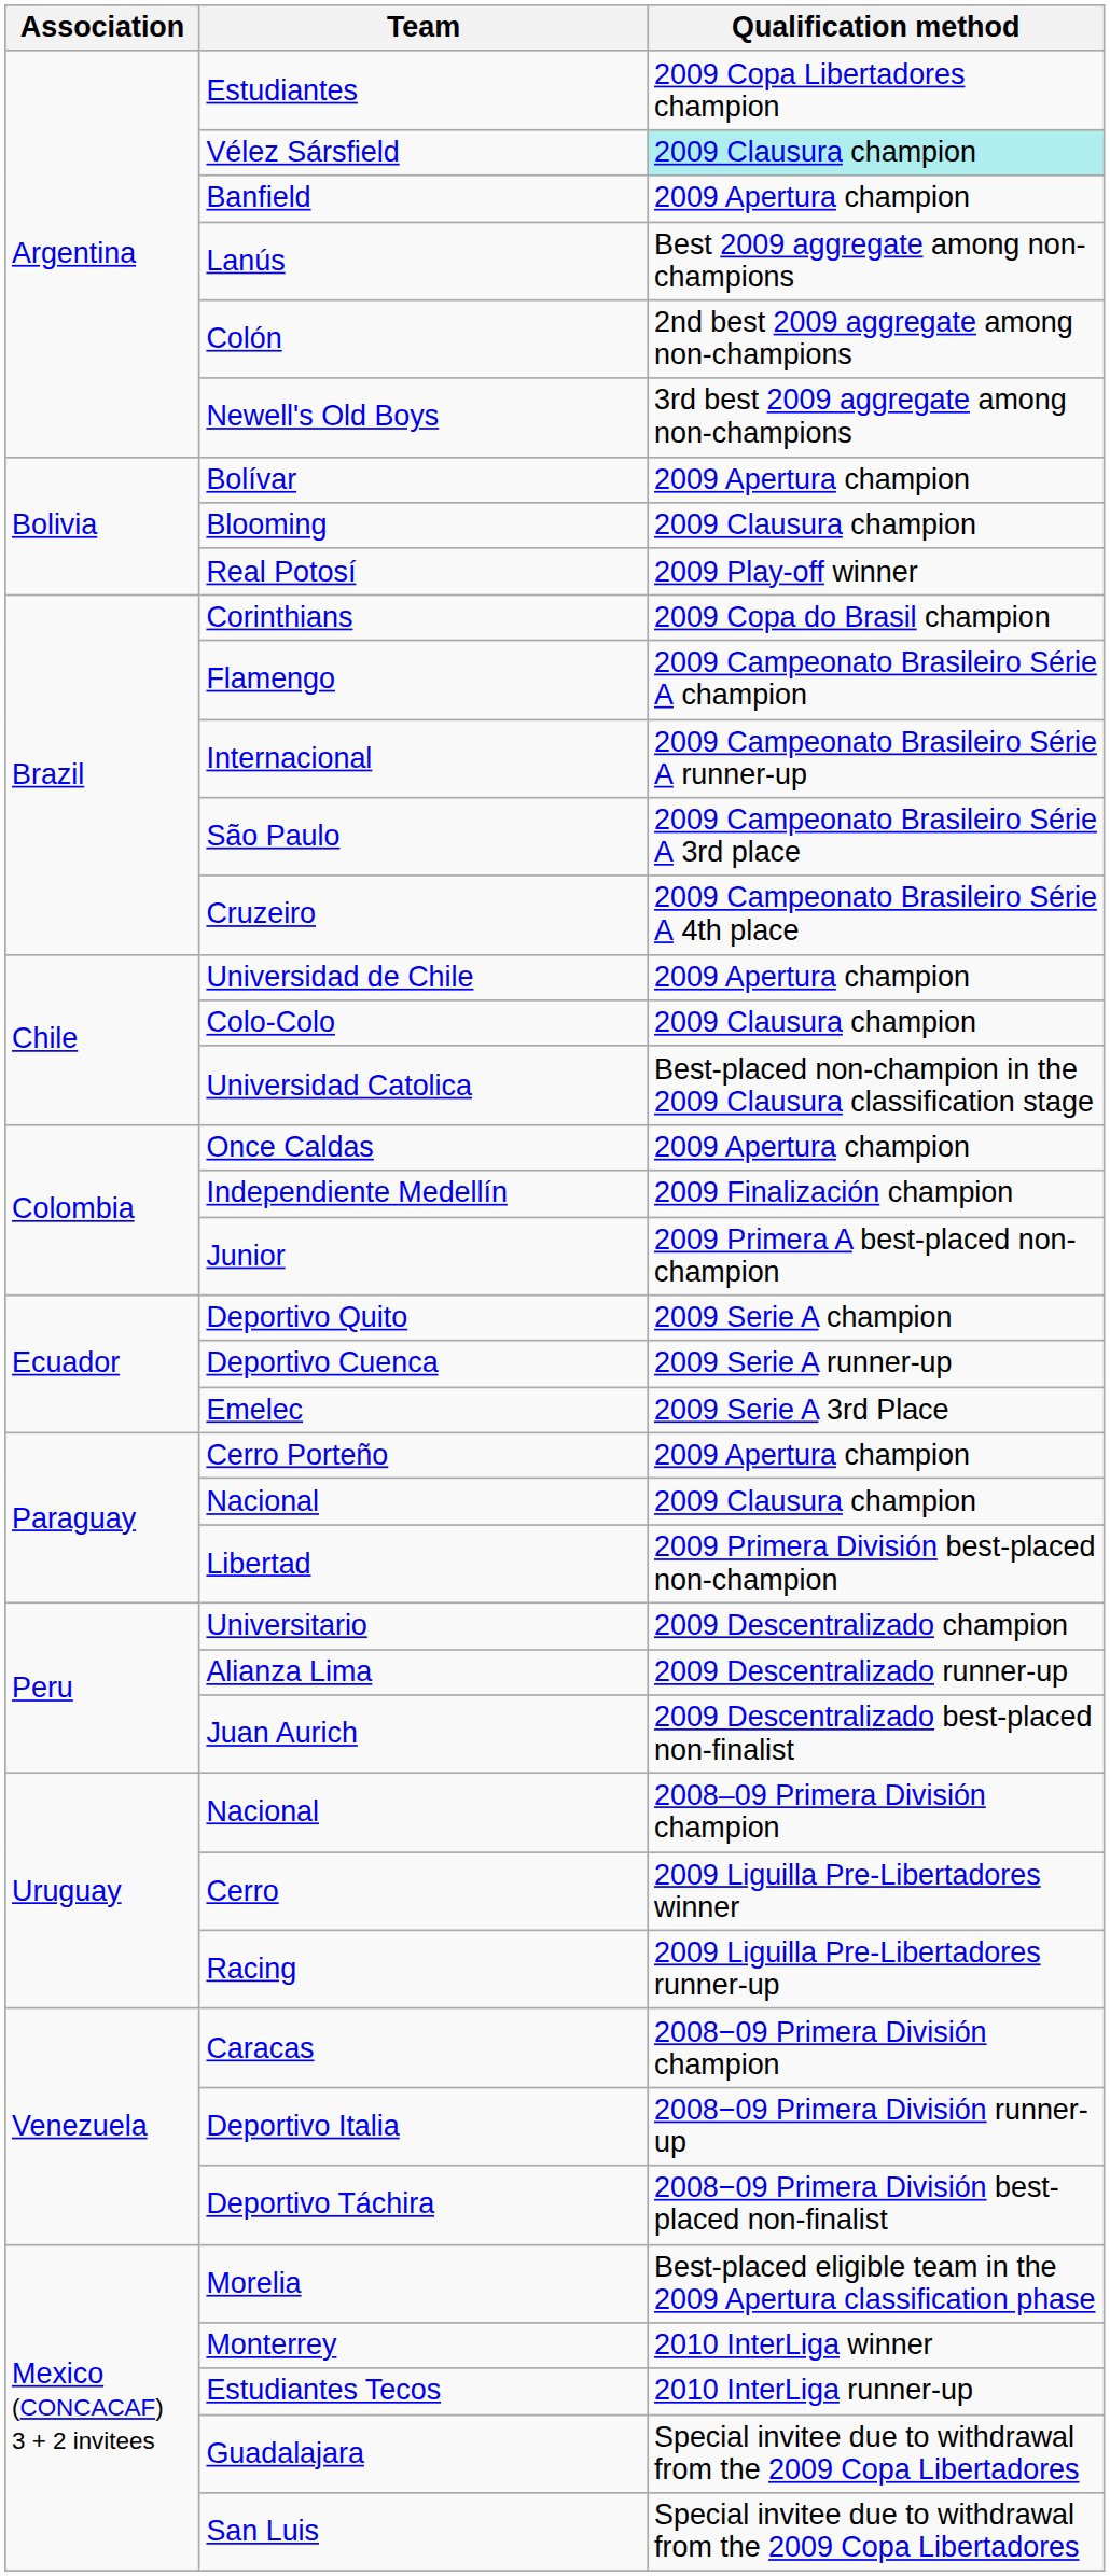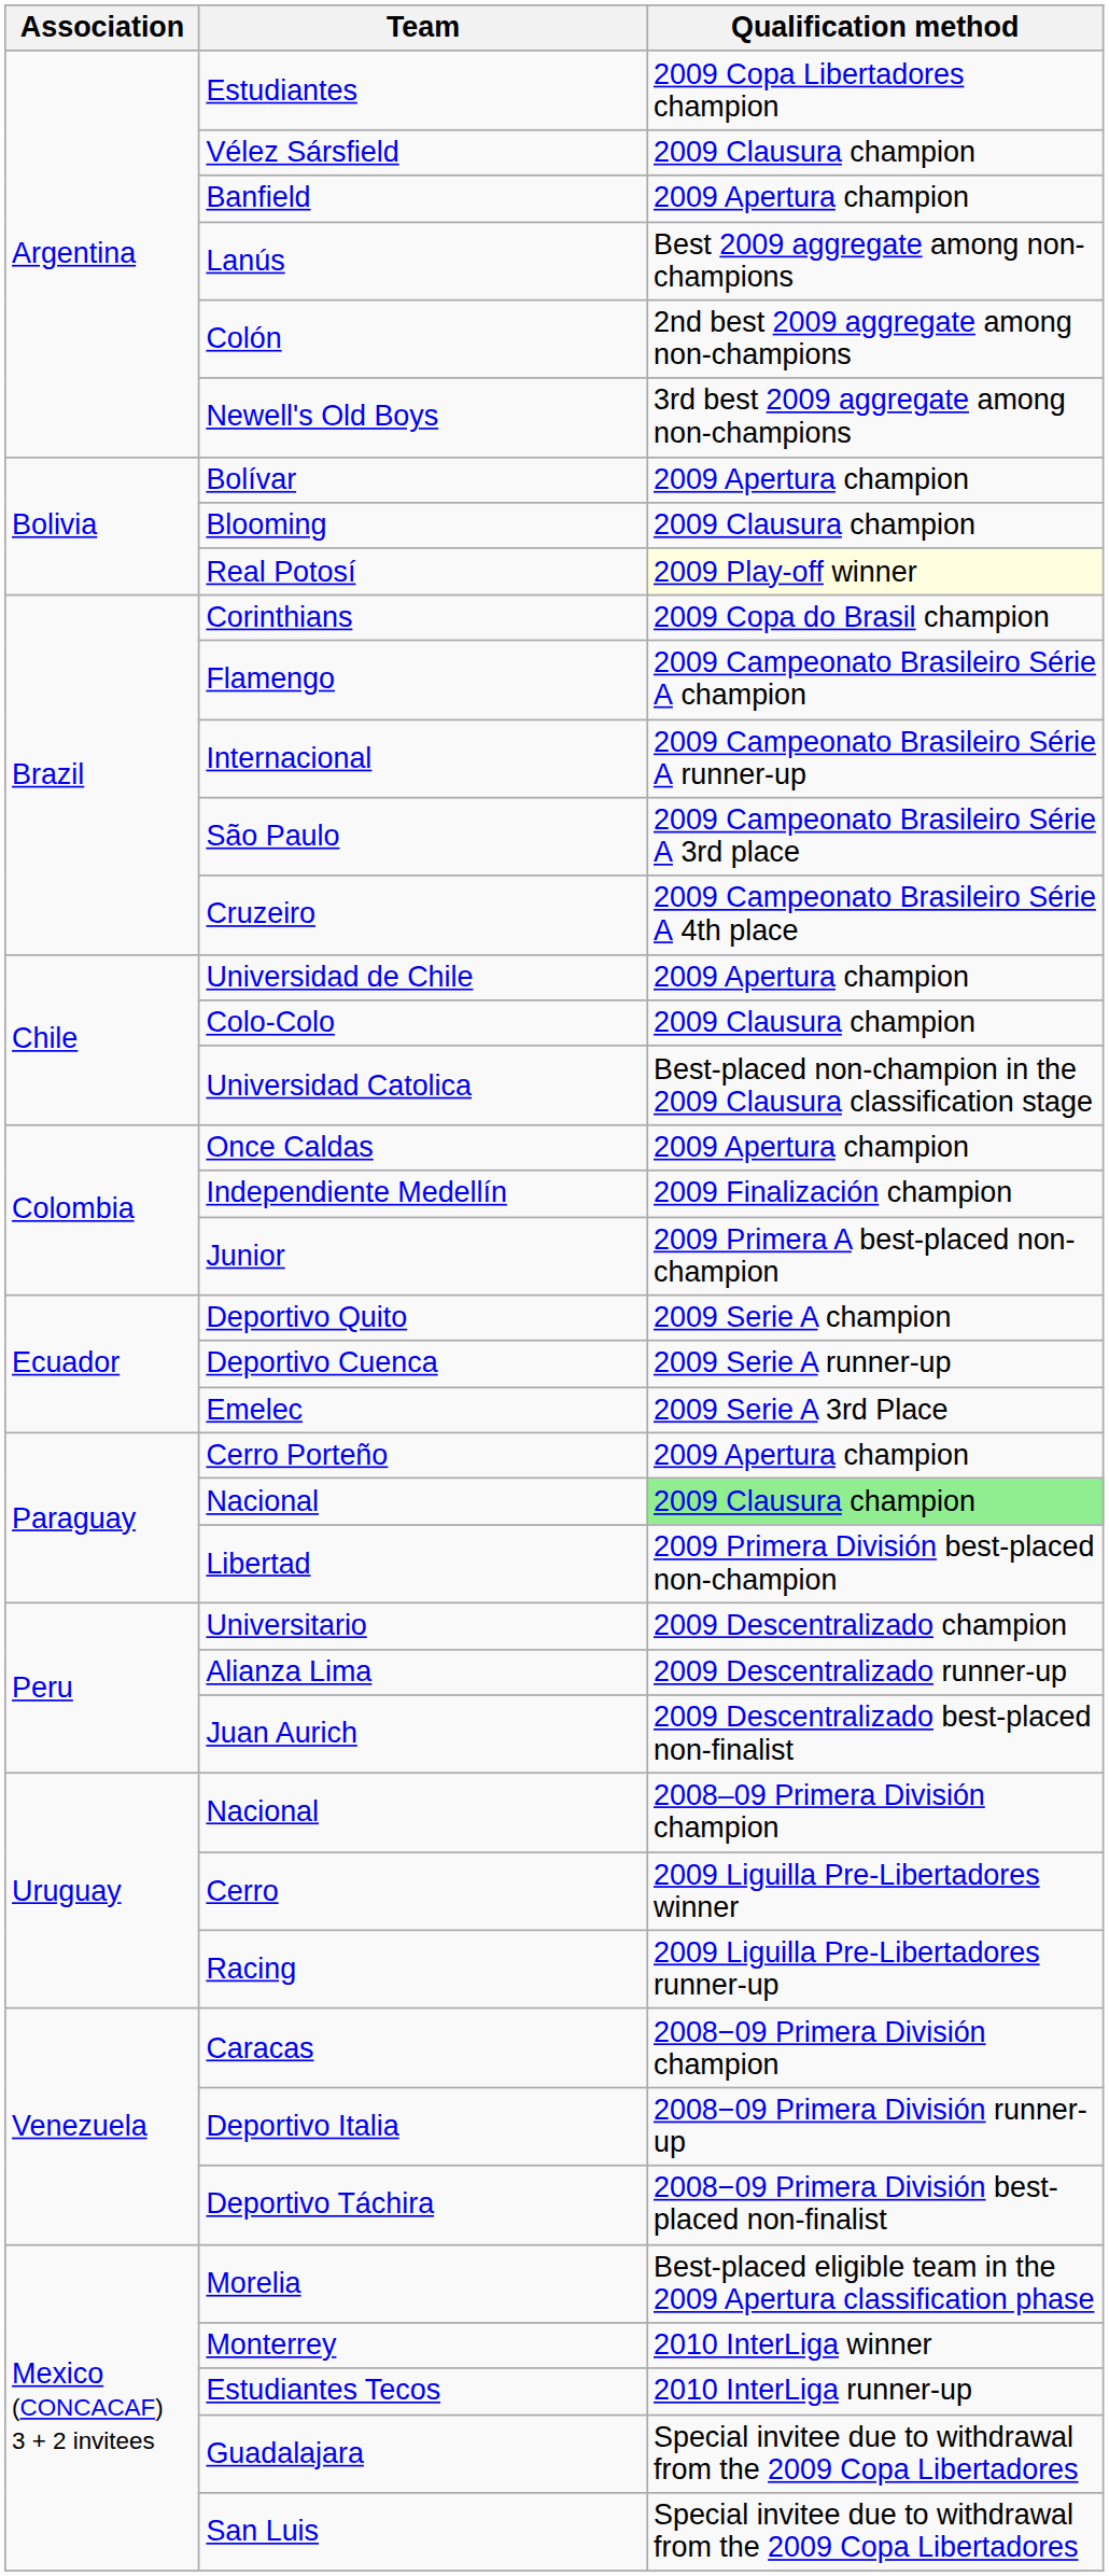 <table class="wikitable">
 <tr>
 <th width=100>Association</th>
 <th width=240>Team </th>
 <th>Qualification method</th>
 </tr>
 <tr>
 <td rowspan="6"> <a href='#'>Argentina</a><br></td>
 <td><a href='#'>Estudiantes</a> </td>
 <td><a href='#'>2009 Copa Libertadores</a> champion</td>
 </tr>
 <tr>
 <td><a href='#'>Vélez Sársfield</a> </td>
-<td style="background: paleturquoise;"><a href='#'>2009 Clausura</a> champion</td>
+<td><a href='#'>2009 Clausura</a> champion</td>
 </tr>
 <tr>
 <td><a href='#'>Banfield</a> </td>
 <td><a href='#'>2009 Apertura</a> champion</td>
 </tr>
 <tr>
 <td><a href='#'>Lanús</a> </td>
 <td>Best <a href='#'>2009 aggregate</a> among non-champions</td>
 </tr>
 <tr>
 <td><a href='#'>Colón</a> </td>
 <td>2nd best <a href='#'>2009 aggregate</a> among non-champions</td>
 </tr>
 <tr>
 <td><a href='#'>Newell's Old Boys</a> </td>
 <td>3rd best <a href='#'>2009 aggregate</a> among non-champions</td>
 </tr>
 <tr>
 <td rowspan="3"> <a href='#'>Bolivia</a><br></td>
 <td><a href='#'>Bolívar</a> </td>
 <td><a href='#'>2009 Apertura</a> champion</td>
 </tr>
 <tr>
 <td><a href='#'>Blooming</a> </td>
 <td><a href='#'>2009 Clausura</a> champion</td>
 </tr>
 <tr>
 <td><a href='#'>Real Potosí</a> </td>
-<td><a href='#'>2009 Play-off</a> winner</td>
+<td style="background: lightyellow;"><a href='#'>2009 Play-off</a> winner</td>
 </tr>
 <tr>
 <td rowspan="5"> <a href='#'>Brazil</a><br></td>
 <td><a href='#'>Corinthians</a> </td>
 <td><a href='#'>2009 Copa do Brasil</a> champion</td>
 </tr>
 <tr>
 <td><a href='#'>Flamengo</a> </td>
 <td><a href='#'>2009 Campeonato Brasileiro Série A</a> champion</td>
 </tr>
 <tr>
 <td><a href='#'>Internacional</a> </td>
 <td><a href='#'>2009 Campeonato Brasileiro Série A</a> runner-up</td>
 </tr>
 <tr>
 <td><a href='#'>São Paulo</a> </td>
 <td><a href='#'>2009 Campeonato Brasileiro Série A</a> 3rd place</td>
 </tr>
 <tr>
 <td><a href='#'>Cruzeiro</a> </td>
 <td><a href='#'>2009 Campeonato Brasileiro Série A</a> 4th place</td>
 </tr>
 <tr>
 <td rowspan="3"> <a href='#'>Chile</a><br></td>
 <td><a href='#'>Universidad de Chile</a> </td>
 <td><a href='#'>2009 Apertura</a> champion</td>
 </tr>
 <tr>
 <td><a href='#'>Colo-Colo</a> </td>
 <td><a href='#'>2009 Clausura</a> champion</td>
 </tr>
 <tr>
 <td><a href='#'>Universidad Catolica</a> </td>
 <td>Best-placed non-champion in the <a href='#'>2009 Clausura</a> classification stage</td>
 </tr>
 <tr>
 <td rowspan="3"> <a href='#'>Colombia</a><br></td>
 <td><a href='#'>Once Caldas</a> </td>
 <td><a href='#'>2009 Apertura</a> champion</td>
 </tr>
 <tr>
 <td><a href='#'>Independiente Medellín</a> </td>
 <td><a href='#'>2009 Finalización</a> champion</td>
 </tr>
 <tr>
 <td><a href='#'>Junior</a> </td>
 <td><a href='#'>2009 Primera A</a> best-placed non-champion</td>
 </tr>
 <tr>
 <td rowspan="3"> <a href='#'>Ecuador</a><br></td>
 <td><a href='#'>Deportivo Quito</a> </td>
 <td><a href='#'>2009 Serie A</a> champion</td>
 </tr>
 <tr>
 <td><a href='#'>Deportivo Cuenca</a> </td>
 <td><a href='#'>2009 Serie A</a> runner-up</td>
 </tr>
 <tr>
 <td><a href='#'>Emelec</a> </td>
 <td><a href='#'>2009 Serie A</a> 3rd Place</td>
 </tr>
 <tr>
 <td rowspan="3"> <a href='#'>Paraguay</a><br></td>
 <td><a href='#'>Cerro Porteño</a> </td>
 <td><a href='#'>2009 Apertura</a> champion</td>
 </tr>
 <tr>
 <td><a href='#'>Nacional</a> </td>
-<td><a href='#'>2009 Clausura</a> champion</td>
+<td style="background: lightgreen;"><a href='#'>2009 Clausura</a> champion</td>
 </tr>
 <tr>
 <td><a href='#'>Libertad</a> </td>
 <td><a href='#'>2009 Primera División</a> best-placed non-champion</td>
 </tr>
 <tr>
 <td rowspan="3"> <a href='#'>Peru</a><br></td>
 <td><a href='#'>Universitario</a> </td>
 <td><a href='#'>2009 Descentralizado</a> champion</td>
 </tr>
 <tr>
 <td><a href='#'>Alianza Lima</a> </td>
 <td><a href='#'>2009 Descentralizado</a> runner-up</td>
 </tr>
 <tr>
 <td><a href='#'>Juan Aurich</a> </td>
 <td><a href='#'>2009 Descentralizado</a> best-placed non-finalist</td>
 </tr>
 <tr>
 <td rowspan="3"> <a href='#'>Uruguay</a><br></td>
 <td><a href='#'>Nacional</a> </td>
 <td><a href='#'>2008–09 Primera División</a> champion</td>
 </tr>
 <tr>
 <td><a href='#'>Cerro</a> </td>
 <td><a href='#'>2009 Liguilla Pre-Libertadores</a> winner</td>
 </tr>
 <tr>
 <td><a href='#'>Racing</a> </td>
 <td><a href='#'>2009 Liguilla Pre-Libertadores</a> runner-up</td>
 </tr>
 <tr>
 <td rowspan="3"> <a href='#'>Venezuela</a><br></td>
 <td><a href='#'>Caracas</a> </td>
 <td><a href='#'>2008−09 Primera División</a> champion</td>
 </tr>
 <tr>
 <td><a href='#'>Deportivo Italia</a> </td>
 <td><a href='#'>2008−09 Primera División</a> runner-up</td>
 </tr>
 <tr>
 <td><a href='#'>Deportivo Táchira</a> </td>
 <td><a href='#'>2008−09 Primera División</a> best-placed non-finalist</td>
 </tr>
 <tr>
 <td rowspan="5"> <a href='#'>Mexico</a><br><small>(<a href='#'>CONCACAF</a>)<br>3 + 2 invitees</small></td>
 <td><a href='#'>Morelia</a> </td>
 <td>Best-placed eligible team in the <a href='#'>2009 Apertura classification phase</a></td>
 </tr>
 <tr>
 <td><a href='#'>Monterrey</a> </td>
 <td><a href='#'>2010 InterLiga</a> winner</td>
 </tr>
 <tr>
 <td><a href='#'>Estudiantes Tecos</a> </td>
 <td><a href='#'>2010 InterLiga</a> runner-up</td>
 </tr>
 <tr>
 <td><a href='#'>Guadalajara</a></td>
 <td>Special invitee due to withdrawal from the <a href='#'>2009 Copa Libertadores</a></td>
 </tr>
 <tr>
 <td><a href='#'>San Luis</a></td>
 <td>Special invitee due to withdrawal from the <a href='#'>2009 Copa Libertadores</a></td>
 </tr>
 </table>
